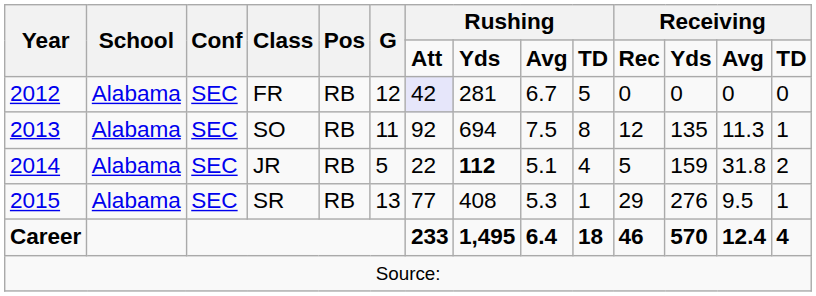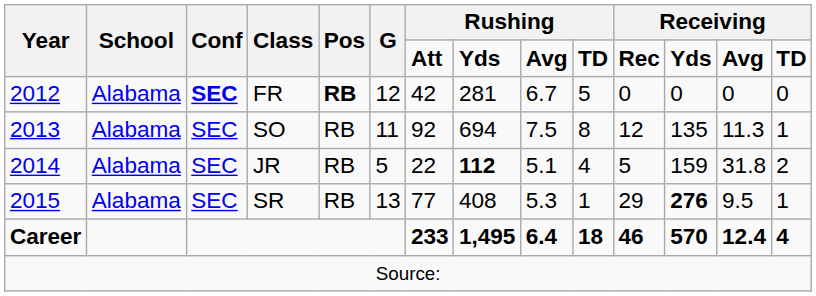 <table class="wikitable">
 <tr>
 <th rowspan="2">Year</th>
 <th rowspan="2">School</th>
 <th rowspan="2">Conf</th>
 <th rowspan="2">Class</th>
 <th rowspan="2">Pos</th>
 <th rowspan="2">G</th>
 <th colspan="4" style="font-weight:bold;">Rushing</th>
 <th colspan="4" style="font-weight:bold;">Receiving</th>
 </tr>
 <tr>
 <td style="font-weight:bold;">Att</td>
 <td style="font-weight:bold;">Yds</td>
 <td style="font-weight:bold;">Avg</td>
 <td style="font-weight:bold;">TD</td>
 <td style="font-weight:bold;">Rec</td>
 <td style="font-weight:bold;">Yds</td>
 <td style="font-weight:bold;">Avg</td>
 <td style="font-weight:bold;">TD</td>
 </tr>
 <tr>
 <td><a href='#'>2012</a></td>
 <td><a href='#'>Alabama</a></td>
-<td><a href='#'>SEC</a></td>
+<td><strong><a href='#'>SEC</a></strong></td>
 <td>FR</td>
-<td>RB</td>
+<td><strong>RB</strong></td>
 <td>12</td>
-<td style="background: lavender;">42</td>
+<td>42</td>
 <td>281</td>
 <td>6.7</td>
 <td>5</td>
 <td>0</td>
 <td>0</td>
 <td>0</td>
 <td>0</td>
 </tr>
 <tr>
 <td><a href='#'>2013</a></td>
 <td><a href='#'>Alabama</a></td>
 <td><a href='#'>SEC</a></td>
 <td>SO</td>
 <td>RB</td>
 <td>11</td>
 <td>92</td>
 <td>694</td>
 <td>7.5</td>
 <td>8</td>
 <td>12</td>
 <td>135</td>
 <td>11.3</td>
 <td>1</td>
 </tr>
 <tr>
 <td><a href='#'>2014</a></td>
 <td><a href='#'>Alabama</a></td>
 <td><a href='#'>SEC</a></td>
 <td>JR</td>
 <td>RB</td>
 <td>5</td>
 <td>22</td>
 <td><strong>112</strong></td>
 <td>5.1</td>
 <td>4</td>
 <td>5</td>
 <td>159</td>
 <td>31.8</td>
 <td>2</td>
 </tr>
 <tr>
 <td><a href='#'>2015</a></td>
 <td><a href='#'>Alabama</a></td>
 <td><a href='#'>SEC</a></td>
 <td>SR</td>
 <td>RB</td>
 <td>13</td>
 <td>77</td>
 <td>408</td>
 <td>5.3</td>
 <td>1</td>
 <td>29</td>
-<td>276</td>
+<td><strong>276</strong></td>
 <td>9.5</td>
 <td>1</td>
 </tr>
 <tr>
 <td style="font-weight:bold;">Career</td>
 <td style="font-weight:bold;"></td>
 <td colspan="4" style="font-weight:bold;"></td>
 <td style="font-weight:bold;">233</td>
 <td style="font-weight:bold;">1,495</td>
 <td style="font-weight:bold;">6.4</td>
 <td style="font-weight:bold;">18</td>
 <td style="font-weight:bold;">46</td>
 <td style="font-weight:bold;">570</td>
 <td style="font-weight:bold;">12.4</td>
 <td style="font-weight:bold;">4</td>
 </tr>
 <tr>
 <td colspan="14" align=center><small>Source: </small></td>
 </tr>
 </table>
